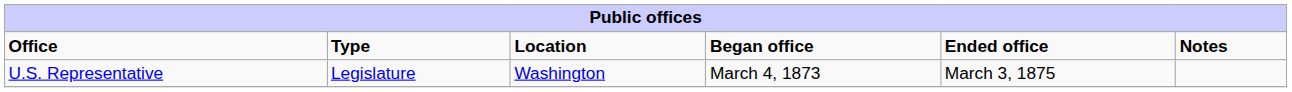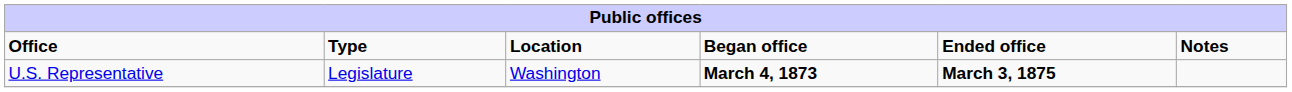 <table class=wikitable style="width: 94%" style="text-align: center;" align="center">
 <tr bgcolor=#cccccc>
 <th colspan=8 style="background: #ccccff;">Public offices</th>
 </tr>
 <tr>
 <td><strong>Office</strong></td>
 <td><strong>Type</strong></td>
 <td><strong>Location</strong></td>
 <td><strong>Began office</strong></td>
 <td><strong>Ended office</strong></td>
 <td><strong>Notes</strong></td>
 </tr>
 <tr>
 <td><a href='#'>U.S. Representative</a></td>
 <td><a href='#'>Legislature</a></td>
 <td><a href='#'>Washington</a></td>
-<td>March 4, 1873</td>
-<td>March 3, 1875</td>
+<td><strong>March 4, 1873</strong></td>
+<td><strong>March 3, 1875</strong></td>
 <td></td>
 </tr>
 <tr>
 </tr>
 </table>
